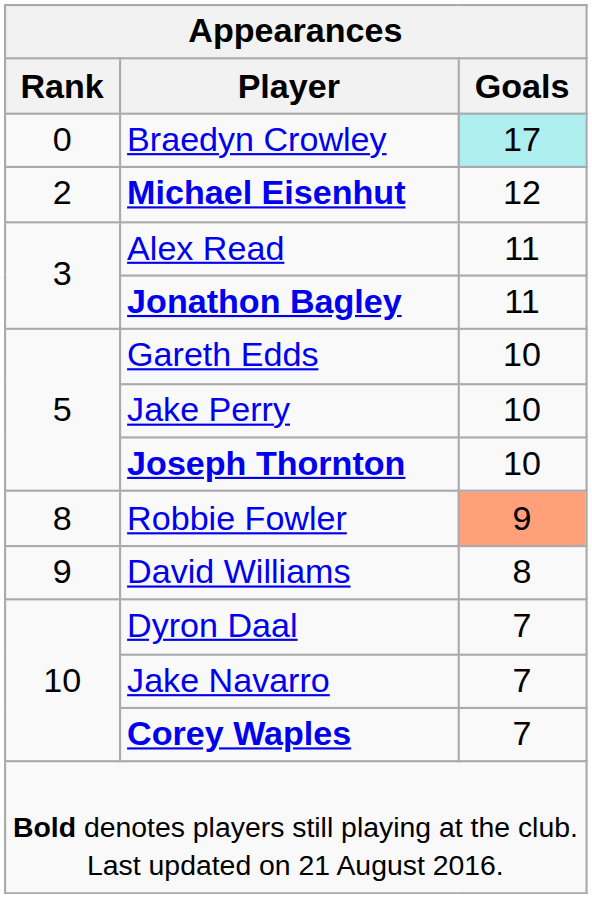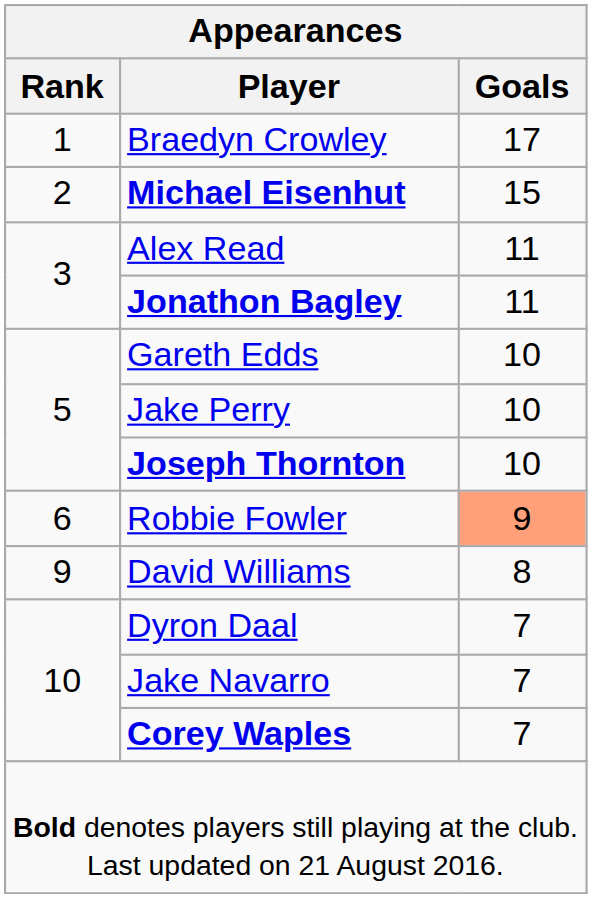 <table class="wikitable" style="text-align:center">
 <tr>
 <th colspan="3">Appearances</th>
 </tr>
 <tr>
 <th>Rank</th>
 <th>Player</th>
 <th>Goals</th>
 </tr>
 <tr>
-<td>0</td>
+<td>1</td>
 <td align="left"> <a href='#'>Braedyn Crowley</a></td>
-<td style="background: paleturquoise;">17</td>
+<td>17</td>
 </tr>
 <tr>
 <td>2</td>
 <td align="left"> <strong><a href='#'>Michael Eisenhut</a></strong></td>
-<td>12</td>
+<td>15</td>
 </tr>
 <tr>
 <td rowspan="2">3</td>
 <td align="left"> <a href='#'>Alex Read</a></td>
 <td>11</td>
 </tr>
 <tr>
 <td align="left"> <strong><a href='#'>Jonathon Bagley</a></strong></td>
 <td>11</td>
 </tr>
 <tr>
 <td rowspan="3">5</td>
 <td align="left"> <a href='#'>Gareth Edds</a></td>
 <td>10</td>
 </tr>
 <tr>
 <td align="left"> <a href='#'>Jake Perry</a></td>
 <td>10</td>
 </tr>
 <tr>
 <td align="left"> <strong><a href='#'>Joseph Thornton</a></strong></td>
 <td>10</td>
 </tr>
 <tr>
-<td>8</td>
+<td>6</td>
 <td align="left"> <a href='#'>Robbie Fowler</a></td>
 <td style="background: lightsalmon;">9</td>
 </tr>
 <tr>
 <td>9</td>
 <td align="left"> <a href='#'>David Williams</a></td>
 <td>8</td>
 </tr>
 <tr>
 <td rowspan="3">10</td>
 <td align="left"> <a href='#'>Dyron Daal</a></td>
 <td>7</td>
 </tr>
 <tr>
 <td align="left"> <a href='#'>Jake Navarro</a></td>
 <td>7</td>
 </tr>
 <tr>
 <td align="left"> <strong><a href='#'>Corey Waples</a></strong></td>
 <td>7</td>
 </tr>
 <tr>
 <td colspan="5"><br><small> <strong>Bold</strong> denotes players still playing at the club.<br> Last updated on 21 August 2016. </small></td>
 </tr>
 </table>
